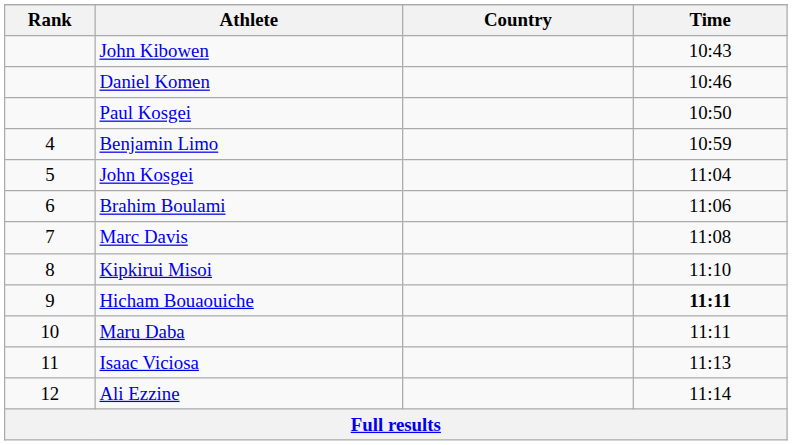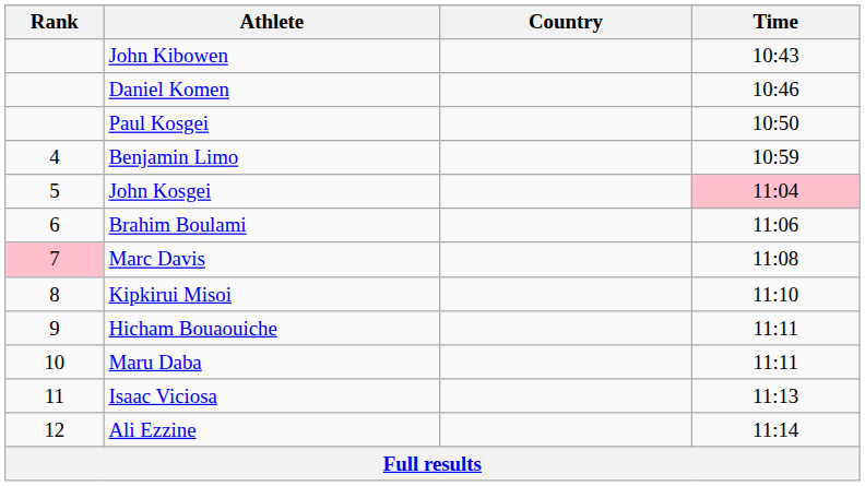 <table class="wikitable sortable" style=" text-align:center; font-size:95%;" width="50%">
 <tr>
 </tr>
 <tr>
 <th width=5%>Rank</th>
 <th width=20%>Athlete</th>
 <th width=15%>Country</th>
 <th width=10%>Time</th>
 </tr>
 <tr>
 <td align=center></td>
 <td align=left><a href='#'>John Kibowen</a></td>
 <td align=left></td>
 <td>10:43</td>
 </tr>
 <tr>
 <td align=center></td>
 <td align=left><a href='#'>Daniel Komen</a></td>
 <td align=left></td>
 <td>10:46</td>
 </tr>
 <tr>
 <td align=center></td>
 <td align=left><a href='#'>Paul Kosgei</a></td>
 <td align=left></td>
 <td>10:50</td>
 </tr>
 <tr>
 <td align=center>4</td>
 <td align=left><a href='#'>Benjamin Limo</a></td>
 <td align=left></td>
 <td>10:59</td>
 </tr>
 <tr>
 <td align=center>5</td>
 <td align=left><a href='#'>John Kosgei</a></td>
 <td align=left></td>
-<td>11:04</td>
+<td style="background: pink;">11:04</td>
 </tr>
 <tr>
 <td align=center>6</td>
 <td align=left><a href='#'>Brahim Boulami</a></td>
 <td align=left></td>
 <td>11:06</td>
 </tr>
 <tr>
-<td align=center>7</td>
+<td align=center style="background: pink;">7</td>
 <td align=left><a href='#'>Marc Davis</a></td>
 <td align=left></td>
 <td>11:08</td>
 </tr>
 <tr>
 <td align=center>8</td>
 <td align=left><a href='#'>Kipkirui Misoi</a></td>
 <td align=left></td>
 <td>11:10</td>
 </tr>
 <tr>
 <td align=center>9</td>
 <td align=left><a href='#'>Hicham Bouaouiche</a></td>
 <td align=left></td>
-<td><strong>11:11</strong></td>
+<td>11:11</td>
 </tr>
 <tr>
 <td align=center>10</td>
 <td align=left><a href='#'>Maru Daba</a></td>
 <td align=left></td>
 <td>11:11</td>
 </tr>
 <tr>
 <td align=center>11</td>
 <td align=left><a href='#'>Isaac Viciosa</a></td>
 <td align=left></td>
 <td>11:13</td>
 </tr>
 <tr>
 <td align=center>12</td>
 <td align=left><a href='#'>Ali Ezzine</a></td>
 <td align=left></td>
 <td>11:14</td>
 </tr>
 <tr class="sortbottom">
 <th colspan=4 align=center><a href='#'>Full results</a></th>
 </tr>
 </table>
